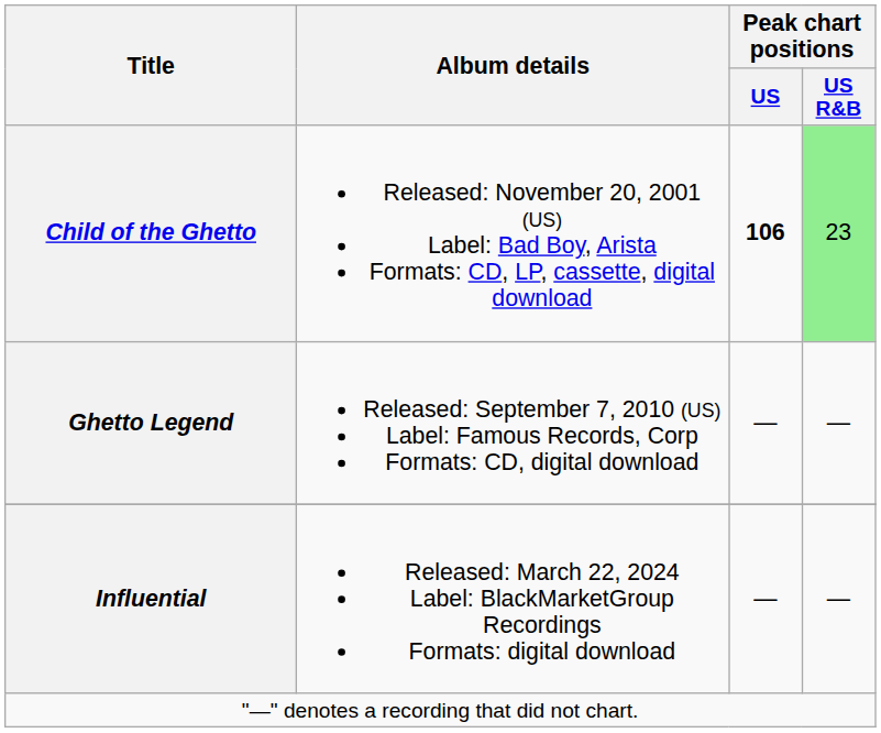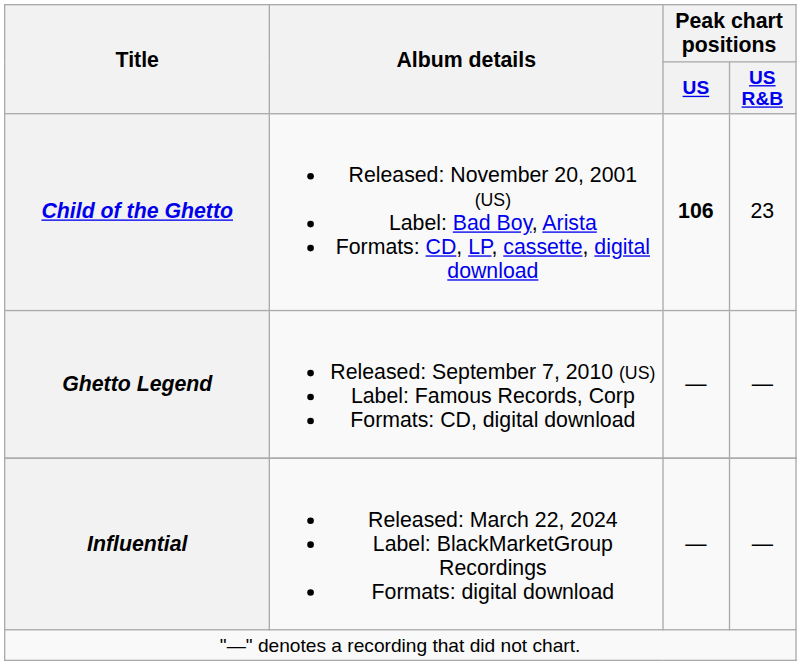 <table class="wikitable plainrowheaders" style="text-align:center;">
 <tr>
 <th scope="col" rowspan="2" style="width:12em;">Title</th>
 <th scope="col" rowspan="2" style="width:18em;">Album details</th>
 <th scope="col" colspan="2">Peak chart positions</th>
 </tr>
 <tr>
 <th scope="col" style="width:3em;font-size:90%;"><a href='#'>US</a><br></th>
 <th scope="col" style="width:3em;font-size:90%;"><a href='#'>US<br>R&B</a><br></th>
 </tr>
 <tr>
 <th scope="row"><em><a href='#'>Child of the Ghetto</a></em></th>
 <td><br><ul><li>Released: November 20, 2001 <small>(US)</small></li><li>Label: <a href='#'>Bad Boy</a>, <a href='#'>Arista</a></li><li>Formats: <a href='#'>CD</a>, <a href='#'>LP</a>, <a href='#'>cassette</a>, <a href='#'>digital download</a></li></ul></td>
 <td><strong>106</strong></td>
-<td style="background: lightgreen;">23</td>
+<td>23</td>
 </tr>
 <tr>
 <th scope="row"><em>Ghetto Legend</em></th>
 <td><br><ul><li>Released: September 7, 2010 <small>(US)</small></li><li>Label: Famous Records, Corp</li><li>Formats: CD, digital download</li></ul></td>
 <td>—</td>
 <td>—</td>
 </tr>
 <tr>
 </tr>
 <tr>
 <th scope="row"><em>Influential</em></th>
 <td><br><ul><li>Released: March 22, 2024</li><li>Label: BlackMarketGroup Recordings</li><li>Formats: digital download</li></ul></td>
 <td>—</td>
 <td>—</td>
 </tr>
 <tr>
 <td colspan="14" style="font-size:90%">"—" denotes a recording that did not chart.</td>
 </tr>
 </table>
